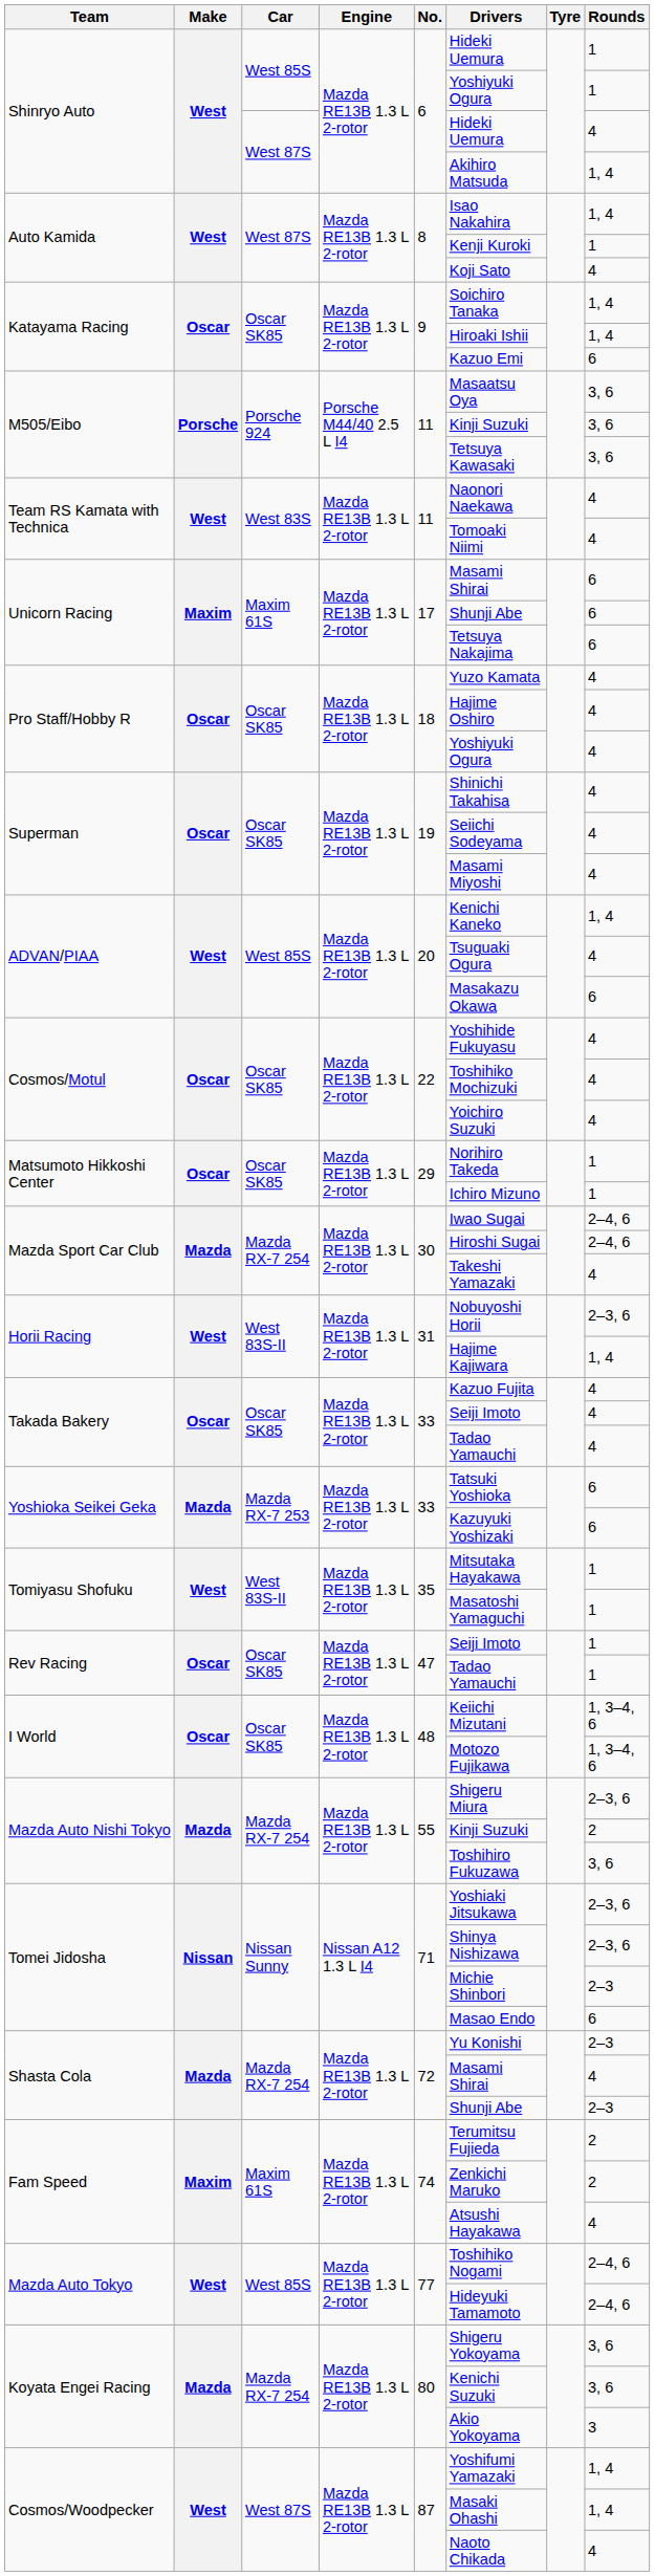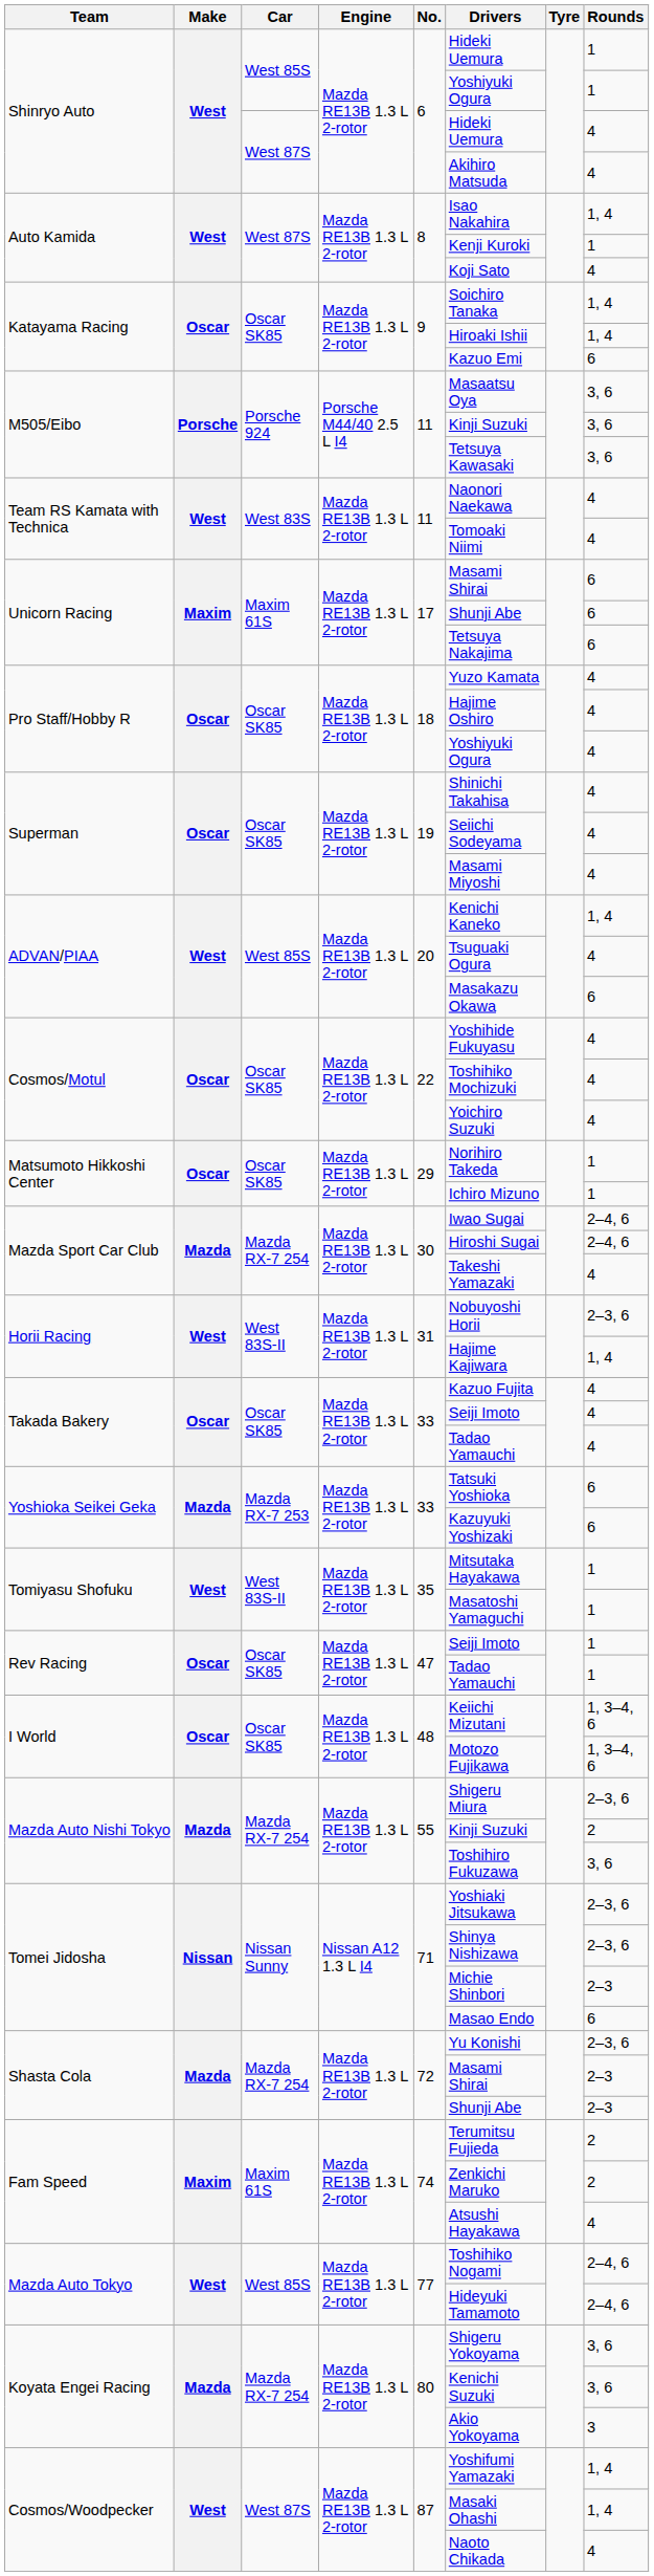 <table class="wikitable" style="font-size: 90%;">
 <tr>
 <th>Team</th>
 <th>Make</th>
 <th>Car</th>
 <th>Engine</th>
 <th>No.</th>
 <th>Drivers</th>
 <th>Tyre</th>
 <th>Rounds</th>
 </tr>
 <tr>
 <td rowspan=4>Shinryo Auto</td>
 <th rowspan=4><a href='#'>West</a></th>
 <td rowspan=2><a href='#'>West 85S</a></td>
 <td rowspan=4><a href='#'>Mazda RE13B</a> 1.3 L <a href='#'>2-rotor</a></td>
 <td rowspan=4>6</td>
 <td> <a href='#'>Hideki Uemura</a></td>
 <td align=center rowspan=4></td>
 <td>1</td>
 </tr>
 <tr>
 <td> <a href='#'>Yoshiyuki Ogura</a></td>
 <td>1</td>
 </tr>
 <tr>
 <td rowspan=2><a href='#'>West 87S</a></td>
 <td> <a href='#'>Hideki Uemura</a></td>
 <td>4</td>
 </tr>
 <tr>
 <td> <a href='#'>Akihiro Matsuda</a></td>
-<td>1, 4</td>
+<td>4</td>
 </tr>
 <tr>
 <td rowspan=3>Auto Kamida</td>
 <th rowspan=3><a href='#'>West</a></th>
 <td rowspan=3><a href='#'>West 87S</a></td>
 <td rowspan=3><a href='#'>Mazda RE13B</a> 1.3 L <a href='#'>2-rotor</a></td>
 <td rowspan=3>8</td>
 <td> <a href='#'>Isao Nakahira</a></td>
 <td align=center rowspan=3></td>
 <td>1, 4</td>
 </tr>
 <tr>
 <td> <a href='#'>Kenji Kuroki</a></td>
 <td>1</td>
 </tr>
 <tr>
 <td> <a href='#'>Koji Sato</a></td>
 <td>4</td>
 </tr>
 <tr>
 <td rowspan=3>Katayama Racing</td>
 <th rowspan=3><a href='#'>Oscar</a></th>
 <td rowspan=3><a href='#'>Oscar SK85</a></td>
 <td rowspan=3><a href='#'>Mazda RE13B</a> 1.3 L <a href='#'>2-rotor</a></td>
 <td rowspan=3>9</td>
 <td> <a href='#'>Soichiro Tanaka</a></td>
 <td align=center rowspan=3></td>
 <td>1, 4</td>
 </tr>
 <tr>
 <td> <a href='#'>Hiroaki Ishii</a></td>
 <td>1, 4</td>
 </tr>
 <tr>
 <td> <a href='#'>Kazuo Emi</a></td>
 <td>6</td>
 </tr>
 <tr>
 <td rowspan=3>M505/Eibo</td>
 <th rowspan=3><a href='#'>Porsche</a></th>
 <td rowspan=3><a href='#'>Porsche 924</a></td>
 <td rowspan=3><a href='#'>Porsche M44/40</a> 2.5 L <a href='#'>I4</a></td>
 <td rowspan=3>11</td>
 <td> <a href='#'>Masaatsu Oya</a></td>
 <td align=center rowspan=3></td>
 <td>3, 6</td>
 </tr>
 <tr>
 <td> <a href='#'>Kinji Suzuki</a></td>
 <td>3, 6</td>
 </tr>
 <tr>
 <td> <a href='#'>Tetsuya Kawasaki</a></td>
 <td>3, 6</td>
 </tr>
 <tr>
 <td rowspan=2>Team RS Kamata with Technica</td>
 <th rowspan=2><a href='#'>West</a></th>
 <td rowspan=2><a href='#'>West 83S</a></td>
 <td rowspan=2><a href='#'>Mazda RE13B</a> 1.3 L <a href='#'>2-rotor</a></td>
 <td rowspan=2>11</td>
 <td> <a href='#'>Naonori Naekawa</a></td>
 <td align=center rowspan=2></td>
 <td>4</td>
 </tr>
 <tr>
 <td> <a href='#'>Tomoaki Niimi</a></td>
 <td>4</td>
 </tr>
 <tr>
 <td rowspan=3>Unicorn Racing</td>
 <th rowspan=3><a href='#'>Maxim</a></th>
 <td rowspan=3><a href='#'>Maxim 61S</a></td>
 <td rowspan=3><a href='#'>Mazda RE13B</a> 1.3 L <a href='#'>2-rotor</a></td>
 <td rowspan=3>17</td>
 <td> <a href='#'>Masami Shirai</a></td>
 <td align=center rowspan=3></td>
 <td>6</td>
 </tr>
 <tr>
 <td> <a href='#'>Shunji Abe</a></td>
 <td>6</td>
 </tr>
 <tr>
 <td> <a href='#'>Tetsuya Nakajima</a></td>
 <td>6</td>
 </tr>
 <tr>
 <td rowspan=3>Pro Staff/Hobby R</td>
 <th rowspan=3><a href='#'>Oscar</a></th>
 <td rowspan=3><a href='#'>Oscar SK85</a></td>
 <td rowspan=3><a href='#'>Mazda RE13B</a> 1.3 L <a href='#'>2-rotor</a></td>
 <td rowspan=3>18</td>
 <td> <a href='#'>Yuzo Kamata</a></td>
 <td align=center rowspan=3></td>
 <td>4</td>
 </tr>
 <tr>
 <td> <a href='#'>Hajime Oshiro</a></td>
 <td>4</td>
 </tr>
 <tr>
 <td> <a href='#'>Yoshiyuki Ogura</a></td>
 <td>4</td>
 </tr>
 <tr>
 <td rowspan=3>Superman</td>
 <th rowspan=3><a href='#'>Oscar</a></th>
 <td rowspan=3><a href='#'>Oscar SK85</a></td>
 <td rowspan=3><a href='#'>Mazda RE13B</a> 1.3 L <a href='#'>2-rotor</a></td>
 <td rowspan=3>19</td>
 <td> <a href='#'>Shinichi Takahisa</a></td>
 <td align=center rowspan=3></td>
 <td>4</td>
 </tr>
 <tr>
 <td> <a href='#'>Seiichi Sodeyama</a></td>
 <td>4</td>
 </tr>
 <tr>
 <td> <a href='#'>Masami Miyoshi</a></td>
 <td>4</td>
 </tr>
 <tr>
 <td rowspan=3><a href='#'>ADVAN</a>/<a href='#'>PIAA</a></td>
 <th rowspan=3><a href='#'>West</a></th>
 <td rowspan=3><a href='#'>West 85S</a></td>
 <td rowspan=3><a href='#'>Mazda RE13B</a> 1.3 L <a href='#'>2-rotor</a></td>
 <td rowspan=3>20</td>
 <td> <a href='#'>Kenichi Kaneko</a></td>
 <td align=center rowspan=3></td>
 <td>1, 4</td>
 </tr>
 <tr>
 <td> <a href='#'>Tsuguaki Ogura</a></td>
 <td>4</td>
 </tr>
 <tr>
 <td> <a href='#'>Masakazu Okawa</a></td>
 <td>6</td>
 </tr>
 <tr>
 <td rowspan=3>Cosmos/<a href='#'>Motul</a></td>
 <th rowspan=3><a href='#'>Oscar</a></th>
 <td rowspan=3><a href='#'>Oscar SK85</a></td>
 <td rowspan=3><a href='#'>Mazda RE13B</a> 1.3 L <a href='#'>2-rotor</a></td>
 <td rowspan=3>22</td>
 <td> <a href='#'>Yoshihide Fukuyasu</a></td>
 <td align=center rowspan=3></td>
 <td>4</td>
 </tr>
 <tr>
 <td> <a href='#'>Toshihiko Mochizuki</a></td>
 <td>4</td>
 </tr>
 <tr>
 <td> <a href='#'>Yoichiro Suzuki</a></td>
 <td>4</td>
 </tr>
 <tr>
 <td rowspan=2>Matsumoto Hikkoshi Center</td>
 <th rowspan=2><a href='#'>Oscar</a></th>
 <td rowspan=2><a href='#'>Oscar SK85</a></td>
 <td rowspan=2><a href='#'>Mazda RE13B</a> 1.3 L <a href='#'>2-rotor</a></td>
 <td rowspan=2>29</td>
 <td> <a href='#'>Norihiro Takeda</a></td>
 <td align=center rowspan=2></td>
 <td>1</td>
 </tr>
 <tr>
 <td> <a href='#'>Ichiro Mizuno</a></td>
 <td>1</td>
 </tr>
 <tr>
 <td rowspan=3>Mazda Sport Car Club</td>
 <th rowspan=3><a href='#'>Mazda</a></th>
 <td rowspan=3><a href='#'>Mazda RX-7 254</a></td>
 <td rowspan=3><a href='#'>Mazda RE13B</a> 1.3 L <a href='#'>2-rotor</a></td>
 <td rowspan=3>30</td>
 <td> <a href='#'>Iwao Sugai</a></td>
 <td align=center rowspan=3></td>
 <td>2–4, 6</td>
 </tr>
 <tr>
 <td> <a href='#'>Hiroshi Sugai</a></td>
 <td>2–4, 6</td>
 </tr>
 <tr>
 <td> <a href='#'>Takeshi Yamazaki</a></td>
 <td>4</td>
 </tr>
 <tr>
 <td rowspan=2><a href='#'>Horii Racing</a></td>
 <th rowspan=2><a href='#'>West</a></th>
 <td rowspan=2><a href='#'>West 83S-II</a></td>
 <td rowspan=2><a href='#'>Mazda RE13B</a> 1.3 L <a href='#'>2-rotor</a></td>
 <td rowspan=2>31</td>
 <td> <a href='#'>Nobuyoshi Horii</a></td>
 <td align=center rowspan=2></td>
 <td>2–3, 6</td>
 </tr>
 <tr>
 <td> <a href='#'>Hajime Kajiwara</a></td>
 <td>1, 4</td>
 </tr>
 <tr>
 <td rowspan=3>Takada Bakery</td>
 <th rowspan=3><a href='#'>Oscar</a></th>
 <td rowspan=3><a href='#'>Oscar SK85</a></td>
 <td rowspan=3><a href='#'>Mazda RE13B</a> 1.3 L <a href='#'>2-rotor</a></td>
 <td rowspan=3>33</td>
 <td> <a href='#'>Kazuo Fujita</a></td>
 <td align=center rowspan=3></td>
 <td>4</td>
 </tr>
 <tr>
 <td> <a href='#'>Seiji Imoto</a></td>
 <td>4</td>
 </tr>
 <tr>
 <td> <a href='#'>Tadao Yamauchi</a></td>
 <td>4</td>
 </tr>
 <tr>
 <td rowspan=2><a href='#'>Yoshioka Seikei Geka</a></td>
 <th rowspan=2><a href='#'>Mazda</a></th>
 <td rowspan=2><a href='#'>Mazda RX-7 253</a></td>
 <td rowspan=2><a href='#'>Mazda RE13B</a> 1.3 L <a href='#'>2-rotor</a></td>
 <td rowspan=2>33</td>
 <td> <a href='#'>Tatsuki Yoshioka</a></td>
 <td align=center rowspan=2></td>
 <td>6</td>
 </tr>
 <tr>
 <td> <a href='#'>Kazuyuki Yoshizaki</a></td>
 <td>6</td>
 </tr>
 <tr>
 <td rowspan=2>Tomiyasu Shofuku</td>
 <th rowspan=2><a href='#'>West</a></th>
 <td rowspan=2><a href='#'>West 83S-II</a></td>
 <td rowspan=2><a href='#'>Mazda RE13B</a> 1.3 L <a href='#'>2-rotor</a></td>
 <td rowspan=2>35</td>
 <td> <a href='#'>Mitsutaka Hayakawa</a></td>
 <td align=center rowspan=2></td>
 <td>1</td>
 </tr>
 <tr>
 <td> <a href='#'>Masatoshi Yamaguchi</a></td>
 <td>1</td>
 </tr>
 <tr>
 <td rowspan=2>Rev Racing</td>
 <th rowspan=2><a href='#'>Oscar</a></th>
 <td rowspan=2><a href='#'>Oscar SK85</a></td>
 <td rowspan=2><a href='#'>Mazda RE13B</a> 1.3 L <a href='#'>2-rotor</a></td>
 <td rowspan=2>47</td>
 <td> <a href='#'>Seiji Imoto</a></td>
 <td align=center rowspan=2></td>
 <td>1</td>
 </tr>
 <tr>
 <td> <a href='#'>Tadao Yamauchi</a></td>
 <td>1</td>
 </tr>
 <tr>
 <td rowspan=2>I World</td>
 <th rowspan=2><a href='#'>Oscar</a></th>
 <td rowspan=2><a href='#'>Oscar SK85</a></td>
 <td rowspan=2><a href='#'>Mazda RE13B</a> 1.3 L <a href='#'>2-rotor</a></td>
 <td rowspan=2>48</td>
 <td> <a href='#'>Keiichi Mizutani</a></td>
 <td align=center rowspan=2></td>
 <td>1, 3–4, 6</td>
 </tr>
 <tr>
 <td> <a href='#'>Motozo Fujikawa</a></td>
 <td>1, 3–4, 6</td>
 </tr>
 <tr>
 <td rowspan=3><a href='#'>Mazda Auto Nishi Tokyo</a></td>
 <th rowspan=3><a href='#'>Mazda</a></th>
 <td rowspan=3><a href='#'>Mazda RX-7 254</a></td>
 <td rowspan=3><a href='#'>Mazda RE13B</a> 1.3 L <a href='#'>2-rotor</a></td>
 <td rowspan=3>55</td>
 <td> <a href='#'>Shigeru Miura</a></td>
 <td align=center rowspan=3></td>
 <td>2–3, 6</td>
 </tr>
 <tr>
 <td> <a href='#'>Kinji Suzuki</a></td>
 <td>2</td>
 </tr>
 <tr>
 <td> <a href='#'>Toshihiro Fukuzawa</a></td>
 <td>3, 6</td>
 </tr>
 <tr>
 <td rowspan=4>Tomei Jidosha</td>
 <th rowspan=4><a href='#'>Nissan</a></th>
 <td rowspan=4><a href='#'>Nissan Sunny</a></td>
 <td rowspan=4><a href='#'>Nissan A12</a> 1.3 L <a href='#'>I4</a></td>
 <td rowspan=4>71</td>
 <td> <a href='#'>Yoshiaki Jitsukawa</a></td>
 <td align=center rowspan=4></td>
 <td>2–3, 6</td>
 </tr>
 <tr>
 <td> <a href='#'>Shinya Nishizawa</a></td>
 <td>2–3, 6</td>
 </tr>
 <tr>
 <td> <a href='#'>Michie Shinbori</a></td>
 <td>2–3</td>
 </tr>
 <tr>
 <td> <a href='#'>Masao Endo</a></td>
 <td>6</td>
 </tr>
 <tr>
 <td rowspan=3>Shasta Cola</td>
 <th rowspan=3><a href='#'>Mazda</a></th>
 <td rowspan=3><a href='#'>Mazda RX-7 254</a></td>
 <td rowspan=3><a href='#'>Mazda RE13B</a> 1.3 L <a href='#'>2-rotor</a></td>
 <td rowspan=3>72</td>
 <td> <a href='#'>Yu Konishi</a></td>
 <td align=center rowspan=3></td>
-<td>2–3</td>
+<td>2–3, 6</td>
 </tr>
 <tr>
 <td> <a href='#'>Masami Shirai</a></td>
-<td>4</td>
+<td>2–3</td>
 </tr>
 <tr>
 <td> <a href='#'>Shunji Abe</a></td>
 <td>2–3</td>
 </tr>
 <tr>
 <td rowspan=3>Fam Speed</td>
 <th rowspan=3><a href='#'>Maxim</a></th>
 <td rowspan=3><a href='#'>Maxim 61S</a></td>
 <td rowspan=3><a href='#'>Mazda RE13B</a> 1.3 L <a href='#'>2-rotor</a></td>
 <td rowspan=3>74</td>
 <td> <a href='#'>Terumitsu Fujieda</a></td>
 <td align=center rowspan=3></td>
 <td>2</td>
 </tr>
 <tr>
 <td> <a href='#'>Zenkichi Maruko</a></td>
 <td>2</td>
 </tr>
 <tr>
 <td> <a href='#'>Atsushi Hayakawa</a></td>
 <td>4</td>
 </tr>
 <tr>
 <td rowspan=2><a href='#'>Mazda Auto Tokyo</a></td>
 <th rowspan=2><a href='#'>West</a></th>
 <td rowspan=2><a href='#'>West 85S</a></td>
 <td rowspan=2><a href='#'>Mazda RE13B</a> 1.3 L <a href='#'>2-rotor</a></td>
 <td rowspan=2>77</td>
 <td> <a href='#'>Toshihiko Nogami</a></td>
 <td align=center rowspan=2></td>
 <td>2–4, 6</td>
 </tr>
 <tr>
 <td> <a href='#'>Hideyuki Tamamoto</a></td>
 <td>2–4, 6</td>
 </tr>
 <tr>
 <td rowspan=3>Koyata Engei Racing</td>
 <th rowspan=3><a href='#'>Mazda</a></th>
 <td rowspan=3><a href='#'>Mazda RX-7 254</a></td>
 <td rowspan=3><a href='#'>Mazda RE13B</a> 1.3 L <a href='#'>2-rotor</a></td>
 <td rowspan=3>80</td>
 <td> <a href='#'>Shigeru Yokoyama</a></td>
 <td align=center rowspan=3></td>
 <td>3, 6</td>
 </tr>
 <tr>
 <td> <a href='#'>Kenichi Suzuki</a></td>
 <td>3, 6</td>
 </tr>
 <tr>
 <td> <a href='#'>Akio Yokoyama</a></td>
 <td>3</td>
 </tr>
 <tr>
 <td rowspan=3>Cosmos/Woodpecker</td>
 <th rowspan=3><a href='#'>West</a></th>
 <td rowspan=3><a href='#'>West 87S</a></td>
 <td rowspan=3><a href='#'>Mazda RE13B</a> 1.3 L <a href='#'>2-rotor</a></td>
 <td rowspan=3>87</td>
 <td> <a href='#'>Yoshifumi Yamazaki</a></td>
 <td align=center rowspan=3></td>
 <td>1, 4</td>
 </tr>
 <tr>
 <td> <a href='#'>Masaki Ohashi</a></td>
 <td>1, 4</td>
 </tr>
 <tr>
 <td> <a href='#'>Naoto Chikada</a></td>
 <td>4</td>
 </tr>
 <tr>
 </tr>
 </table>
